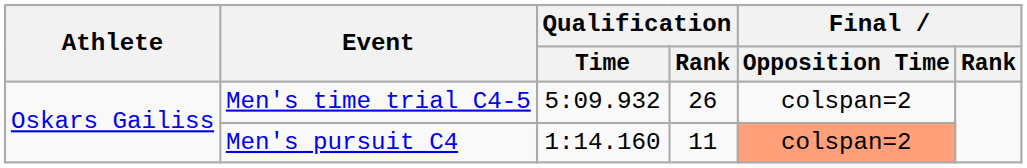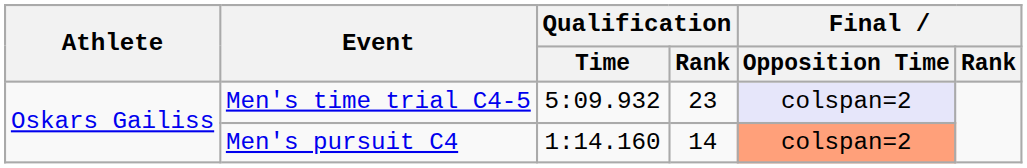 <table class=wikitable style="font-size:90%">
 <tr>
 <th rowspan="2">Athlete</th>
 <th rowspan="2">Event</th>
 <th colspan="2">Qualification</th>
 <th colspan="2">Final / </th>
 </tr>
 <tr style="font-size:95%">
 <th>Time</th>
 <th>Rank</th>
 <th>Opposition Time</th>
 <th>Rank</th>
 </tr>
 <tr align=center>
 <td align=left rowspan=2><a href='#'>Oskars Gailiss</a></td>
 <td align=left><a href='#'>Men's time trial C4-5</a></td>
 <td>5:09.932</td>
-<td>26</td>
-<td>colspan=2 </td>
+<td>23</td>
+<td style="background: lavender;">colspan=2 </td>
 </tr>
 <tr align=center>
 <td align=left><a href='#'>Men's pursuit C4</a></td>
 <td>1:14.160</td>
-<td>11</td>
+<td>14</td>
 <td style="background: lightsalmon;">colspan=2 </td>
 </tr>
 </table>
